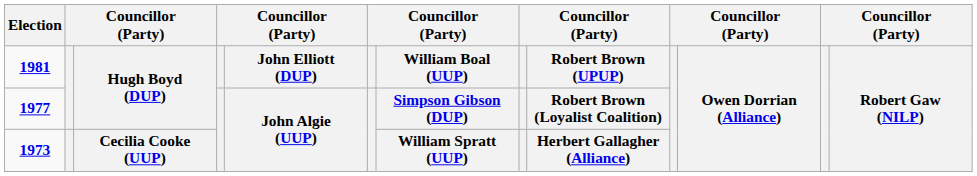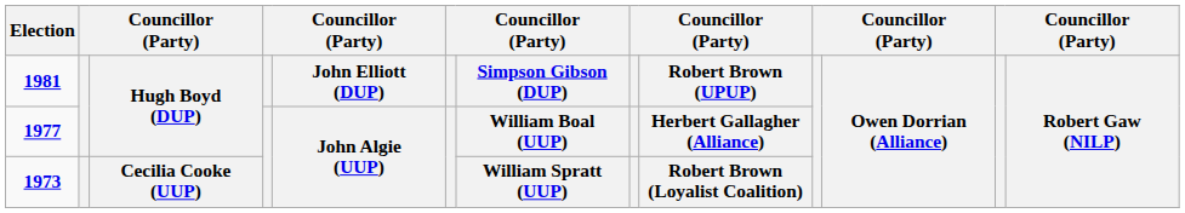 <table class="wikitable" style="text-align:center">
 <tr>
 <th scope="col" width="50">Election</th>
 <th scope="col" width="150" colspan = "2">Councillor<br> (Party)</th>
 <th scope="col" width="150" colspan = "2">Councillor<br> (Party)</th>
 <th scope="col" width="150" colspan = "2">Councillor<br> (Party)</th>
 <th scope="col" width="150" colspan = "2">Councillor<br> (Party)</th>
 <th scope="col" width="150" colspan = "2">Councillor<br> (Party)</th>
 <th scope="col" width="150" colspan = "2">Councillor<br> (Party)</th>
 </tr>
 <tr>
 <td><strong><a href='#'>1981</a></strong></td>
 <th rowspan="2" width="1" style="background-color: "></th>
 <th rowspan = "2">Hugh Boyd <br> (<a href='#'>DUP</a>)</th>
 <th rowspan="1" width="1" style="background-color: "></th>
 <th rowspan = "1">John Elliott <br> (<a href='#'>DUP</a>)</th>
 <th rowspan="1" width="1" style="background-color: "></th>
-<th rowspan = "1">William Boal <br> (<a href='#'>UUP</a>)</th>
+<th rowspan = "1"><a href='#'>Simpson Gibson</a> <br> (<a href='#'>DUP</a>)</th>
 <th rowspan="1" width="1" style="background-color: "></th>
 <th rowspan = "1">Robert Brown <br> (<a href='#'>UPUP</a>)</th>
 <th rowspan="3" width="1" style="background-color: "></th>
 <th rowspan = "3">Owen Dorrian <br> (<a href='#'>Alliance</a>)</th>
 <th rowspan="3" width="1" style="background-color: "></th>
 <th rowspan = "3">Robert Gaw <br> (<a href='#'>NILP</a>)</th>
 </tr>
 <tr>
 <td><strong><a href='#'>1977</a></strong></td>
 <th rowspan="2" width="1" style="background-color: "></th>
 <th rowspan = "2">John Algie <br> (<a href='#'>UUP</a>)</th>
 <th rowspan="2" width="1" style="background-color: "></th>
-<th rowspan = "1"><a href='#'>Simpson Gibson</a> <br> (<a href='#'>DUP</a>)</th>
+<th rowspan = "1">William Boal <br> (<a href='#'>UUP</a>)</th>
 <th rowspan="1" width="1" style="background-color: "></th>
-<th rowspan = "1">Robert Brown <br> (Loyalist Coalition)</th>
+<th rowspan = "1">Herbert Gallagher <br> (<a href='#'>Alliance</a>)</th>
 </tr>
 <tr>
 <td><strong><a href='#'>1973</a></strong></td>
 <th rowspan="1" width="1" style="background-color: "></th>
 <th rowspan = "1">Cecilia Cooke <br> (<a href='#'>UUP</a>)</th>
 <th rowspan = "1">William Spratt <br> (<a href='#'>UUP</a>)</th>
 <th rowspan="1" width="1" style="background-color: "></th>
-<th rowspan = "1">Herbert Gallagher <br> (<a href='#'>Alliance</a>)</th>
+<th rowspan = "1">Robert Brown <br> (Loyalist Coalition)</th>
 </tr>
 </table>
